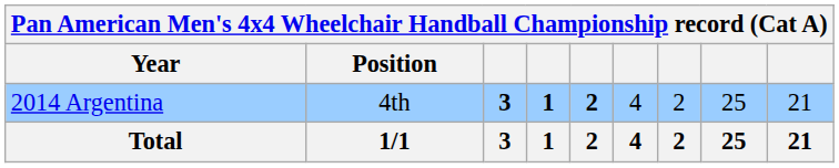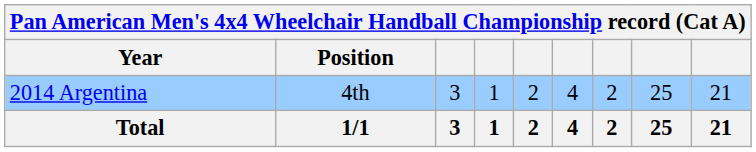 <table class="wikitable" style="text-align: center;">
 <tr>
 <th colspan=10><a href='#'>Pan American Men's 4x4 Wheelchair Handball Championship</a> record (Cat A)</th>
 </tr>
 <tr>
 <th>Year</th>
 <th>Position</th>
 <th></th>
 <th></th>
 <th></th>
 <th></th>
 <th></th>
 <th></th>
 <th></th>
 </tr>
 <tr style="background:#9acdff">
 <td align=left> <a href='#'>2014 Argentina</a></td>
 <td>4th</td>
-<td><strong>3</strong></td>
-<td><strong>1</strong></td>
-<td><strong>2</strong></td>
+<td>3</td>
+<td>1</td>
+<td>2</td>
 <td>4</td>
 <td>2</td>
 <td>25</td>
 <td>21</td>
 </tr>
 <tr>
 <th>Total</th>
 <th>1/1</th>
 <th>3</th>
 <th>1</th>
 <th>2</th>
 <th>4</th>
 <th>2</th>
 <th>25</th>
 <th>21</th>
 </tr>
 </table>
